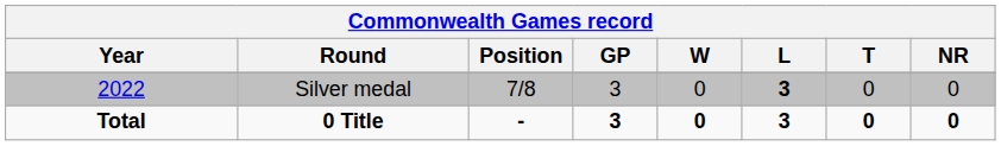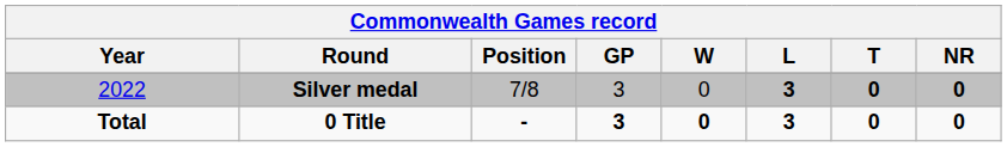 <table class="wikitable" style="text-align: center; width:85%">
 <tr>
 <th colspan=10><a href='#'>Commonwealth Games record</a></th>
 </tr>
 <tr>
 <th width=150>Year</th>
 <th width=150>Round</th>
 <th width=50>Position</th>
 <th width=50>GP</th>
 <th width=50>W</th>
 <th width=50>L</th>
 <th width=50>T</th>
 <th width=50>NR</th>
 </tr>
 <tr>
 </tr>
 <tr style="background:silver;">
 <td> <a href='#'>2022</a></td>
-<td>Silver medal</td>
+<td><strong>Silver medal</strong></td>
 <td>7/8</td>
 <td>3</td>
 <td>0</td>
 <td><strong>3</strong></td>
-<td>0</td>
-<td>0</td>
+<td><strong>0</strong></td>
+<td><strong>0</strong></td>
 </tr>
 <tr>
 <td><strong>Total</strong></td>
 <td><strong>0 Title</strong></td>
 <td><strong>-</strong></td>
 <td><strong>3</strong></td>
 <td><strong>0</strong></td>
 <td><strong>3</strong></td>
 <td><strong>0</strong></td>
 <td><strong>0</strong></td>
 </tr>
 </table>
